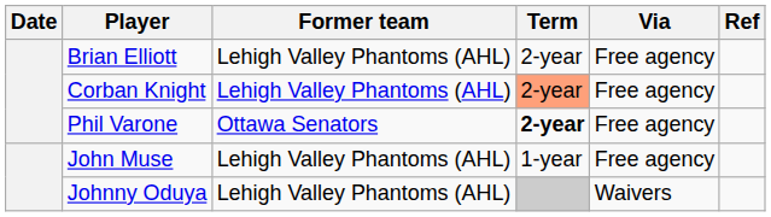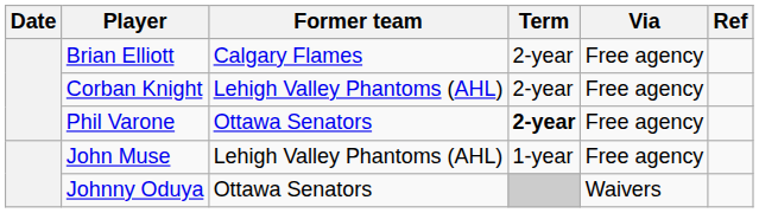 <table class="wikitable plainrowheaders">
 <tr style="background:#ddd; text-align:center;">
 <th>Date</th>
 <th>Player</th>
 <th>Former team</th>
 <th>Term</th>
 <th>Via</th>
 <th>Ref</th>
 </tr>
 <tr>
 <th scope="row" rowspan=3></th>
 <td><a href='#'>Brian Elliott</a></td>
-<td>Lehigh Valley Phantoms (AHL)</td>
+<td><a href='#'>Calgary Flames</a></td>
 <td>2-year</td>
 <td>Free agency</td>
 <td></td>
 </tr>
 <tr>
 <td><a href='#'>Corban Knight</a></td>
 <td><a href='#'>Lehigh Valley Phantoms</a> (<a href='#'>AHL</a>)</td>
-<td style="background: lightsalmon;">2-year</td>
+<td>2-year</td>
 <td>Free agency</td>
 <td></td>
 </tr>
 <tr>
 <td><a href='#'>Phil Varone</a></td>
 <td><a href='#'>Ottawa Senators</a></td>
 <td><strong>2-year</strong></td>
 <td>Free agency</td>
 <td></td>
 </tr>
 <tr>
 <th scope="row" rowspan=2></th>
 <td><a href='#'>John Muse</a></td>
 <td>Lehigh Valley Phantoms (AHL)</td>
 <td>1-year</td>
 <td>Free agency</td>
 <td></td>
 </tr>
 <tr>
 <td><a href='#'>Johnny Oduya</a></td>
-<td>Lehigh Valley Phantoms (AHL)</td>
+<td>Ottawa Senators</td>
 <td style="background:#ccc"></td>
 <td>Waivers</td>
 <td></td>
 </tr>
 </table>
